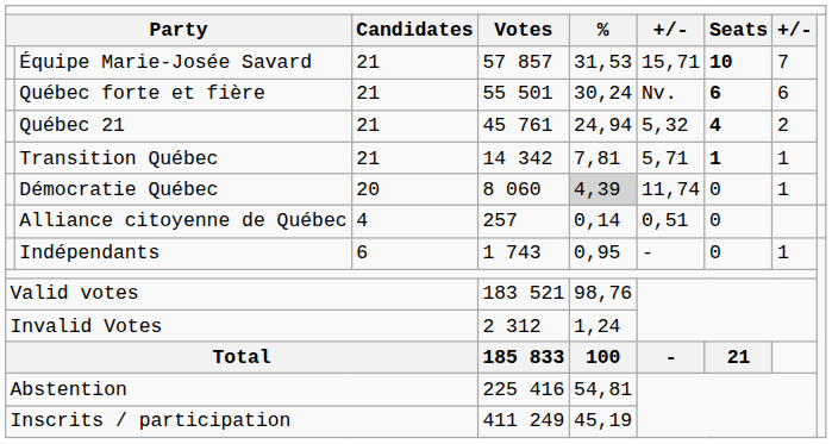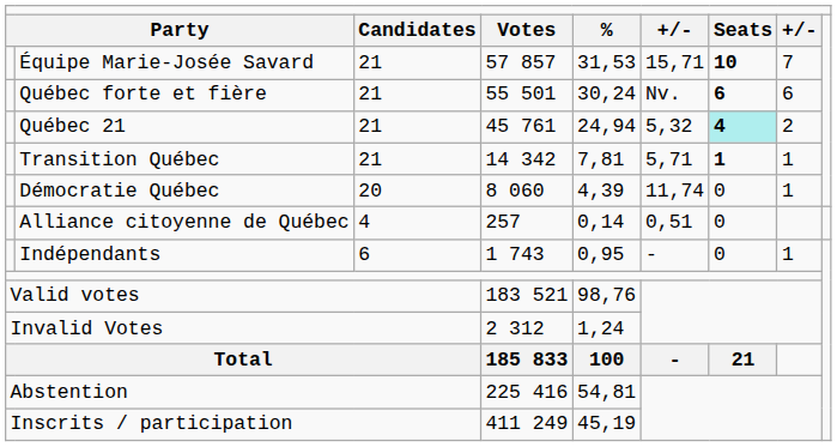 <table class="wikitable">
 <tr>
 <td colspan="15"></td>
 </tr>
 <tr>
 <th colspan="2">Party</th>
 <th>Candidates</th>
 <th>Votes</th>
 <th>%</th>
 <th>+/-</th>
 <th>Seats</th>
 <th>+/-</th>
 </tr>
 <tr>
 <td></td>
 <td>Équipe Marie-Josée Savard</td>
 <td>21</td>
 <td>57 857</td>
 <td>31,53</td>
 <td>15,71</td>
 <td><strong>10</strong></td>
 <td>7</td>
 </tr>
 <tr>
 <td></td>
 <td>Québec forte et fière</td>
 <td>21</td>
 <td>55 501</td>
 <td>30,24</td>
 <td><abbr>Nv.</abbr></td>
 <td><strong>6</strong></td>
 <td>6</td>
 </tr>
 <tr>
 <td></td>
 <td>Québec 21</td>
 <td>21</td>
 <td>45 761</td>
 <td>24,94</td>
 <td>5,32</td>
-<td><strong>4</strong></td>
+<td style="background: paleturquoise;"><strong>4</strong></td>
 <td>2</td>
 </tr>
 <tr>
 <td></td>
 <td>Transition Québec</td>
 <td>21</td>
 <td>14 342</td>
 <td>7,81</td>
 <td>5,71</td>
 <td><strong>1</strong></td>
 <td>1</td>
 </tr>
 <tr>
 <td></td>
 <td>Démocratie Québec</td>
 <td>20</td>
 <td>8 060</td>
-<td style="background: lightgrey;">4,39</td>
+<td>4,39</td>
 <td>11,74</td>
 <td>0</td>
 <td>1</td>
 </tr>
 <tr>
 <td></td>
 <td>Alliance citoyenne de Québec</td>
 <td>4</td>
 <td>257</td>
 <td>0,14</td>
 <td>0,51</td>
 <td>0</td>
 <td></td>
 <td></td>
 </tr>
 <tr>
 <td></td>
 <td>Indépendants</td>
 <td>6</td>
 <td>1 743</td>
 <td>0,95</td>
 <td>-</td>
 <td>0</td>
 <td>1</td>
 </tr>
 <tr>
 <td colspan="8"></td>
 </tr>
 <tr>
 <td colspan="3">Valid votes</td>
 <td>183 521</td>
 <td>98,76</td>
 <td colspan="3" rowspan="2"></td>
 </tr>
 <tr>
 <td colspan="3">Invalid Votes</td>
 <td>2 312</td>
 <td>1,24</td>
 </tr>
 <tr>
 <th colspan="3">Total</th>
 <th>185 833</th>
 <th>100</th>
 <th>-</th>
 <th>21</th>
 <td></td>
 </tr>
 <tr>
 <td colspan="3">Abstention</td>
 <td>225 416</td>
 <td>54,81</td>
 <td colspan="3" rowspan="2"></td>
 </tr>
 <tr>
 <td colspan="3">Inscrits / participation</td>
 <td>411 249</td>
 <td>45,19</td>
 </tr>
 </table>
